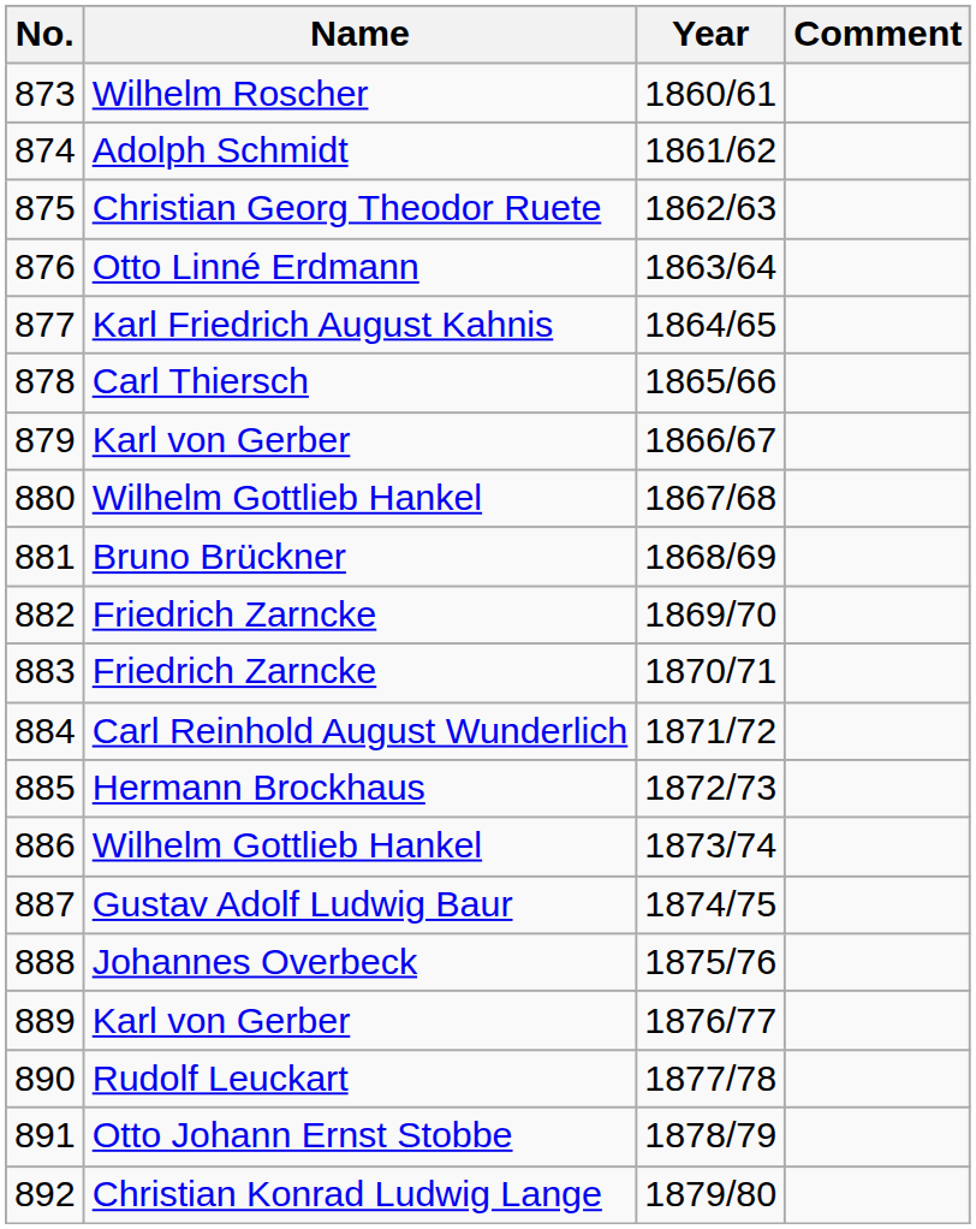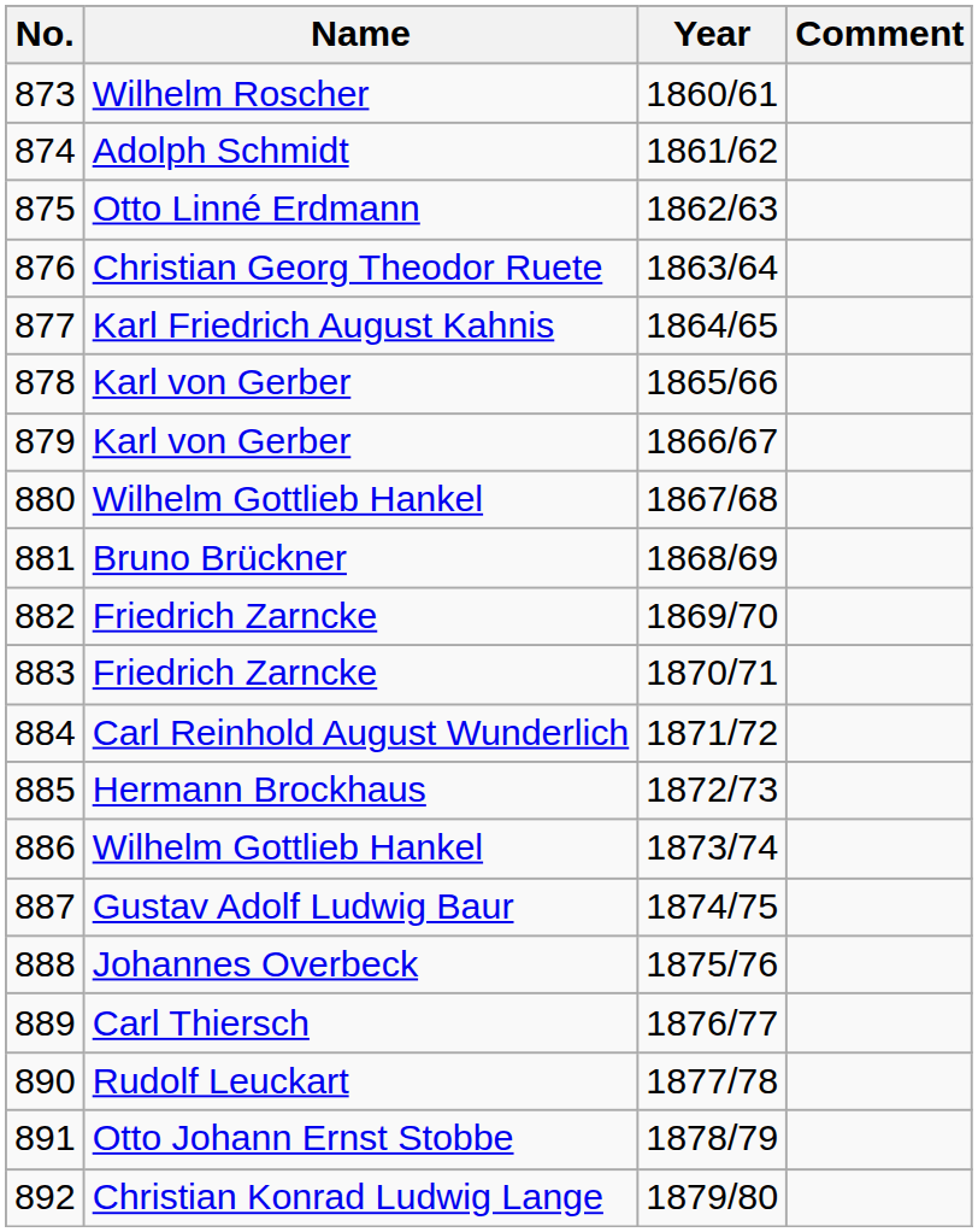 <table class="wikitable">
 <tr>
 <th bgcolor="silver">No.</th>
 <th bgcolor="silver">Name</th>
 <th bgcolor="silver">Year</th>
 <th bgcolor="silver">Comment</th>
 </tr>
 <tr>
 <td>873</td>
 <td><a href='#'>Wilhelm Roscher</a></td>
 <td align="right">1860/61</td>
 <td></td>
 </tr>
 <tr>
 <td>874</td>
 <td><a href='#'>Adolph Schmidt</a></td>
 <td align="right">1861/62</td>
 <td></td>
 </tr>
 <tr>
 <td>875</td>
-<td><a href='#'>Christian Georg Theodor Ruete</a></td>
+<td><a href='#'>Otto Linné Erdmann</a></td>
 <td align="right">1862/63</td>
 <td></td>
 </tr>
 <tr>
 <td>876</td>
-<td><a href='#'>Otto Linné Erdmann</a></td>
+<td><a href='#'>Christian Georg Theodor Ruete</a></td>
 <td align="right">1863/64</td>
 <td></td>
 </tr>
 <tr>
 <td>877</td>
 <td><a href='#'>Karl Friedrich August Kahnis</a></td>
 <td align="right">1864/65</td>
 <td></td>
 </tr>
 <tr>
 <td>878</td>
-<td><a href='#'>Carl Thiersch</a></td>
+<td><a href='#'>Karl von Gerber</a></td>
 <td align="right">1865/66</td>
 <td></td>
 </tr>
 <tr>
 <td>879</td>
 <td><a href='#'>Karl von Gerber</a></td>
 <td align="right">1866/67</td>
 <td></td>
 </tr>
 <tr>
 <td>880</td>
 <td><a href='#'>Wilhelm Gottlieb Hankel</a></td>
 <td align="right">1867/68</td>
 <td></td>
 </tr>
 <tr>
 <td>881</td>
 <td><a href='#'>Bruno Brückner</a></td>
 <td align="right">1868/69</td>
 <td></td>
 </tr>
 <tr>
 <td>882</td>
 <td><a href='#'>Friedrich Zarncke</a></td>
 <td align="right">1869/70</td>
 <td></td>
 </tr>
 <tr>
 <td>883</td>
 <td><a href='#'>Friedrich Zarncke</a></td>
 <td align="right">1870/71</td>
 <td></td>
 </tr>
 <tr>
 <td>884</td>
 <td><a href='#'>Carl Reinhold August Wunderlich</a></td>
 <td align="right">1871/72</td>
 <td></td>
 </tr>
 <tr>
 <td>885</td>
 <td><a href='#'>Hermann Brockhaus</a></td>
 <td align="right">1872/73</td>
 <td></td>
 </tr>
 <tr>
 <td>886</td>
 <td><a href='#'>Wilhelm Gottlieb Hankel</a></td>
 <td align="right">1873/74</td>
 <td></td>
 </tr>
 <tr>
 <td>887</td>
 <td><a href='#'>Gustav Adolf Ludwig Baur</a></td>
 <td align="right">1874/75</td>
 <td></td>
 </tr>
 <tr>
 <td>888</td>
 <td><a href='#'>Johannes Overbeck</a></td>
 <td align="right">1875/76</td>
 <td></td>
 </tr>
 <tr>
 <td>889</td>
-<td><a href='#'>Karl von Gerber</a></td>
+<td><a href='#'>Carl Thiersch</a></td>
 <td align="right">1876/77</td>
 <td></td>
 </tr>
 <tr>
 <td>890</td>
 <td><a href='#'>Rudolf Leuckart</a></td>
 <td align="right">1877/78</td>
 <td></td>
 </tr>
 <tr>
 <td>891</td>
 <td><a href='#'>Otto Johann Ernst Stobbe</a></td>
 <td align="right">1878/79</td>
 <td></td>
 </tr>
 <tr>
 <td>892</td>
 <td><a href='#'>Christian Konrad Ludwig Lange</a></td>
 <td align="right">1879/80</td>
 <td></td>
 </tr>
 <tr>
 </tr>
 </table>
